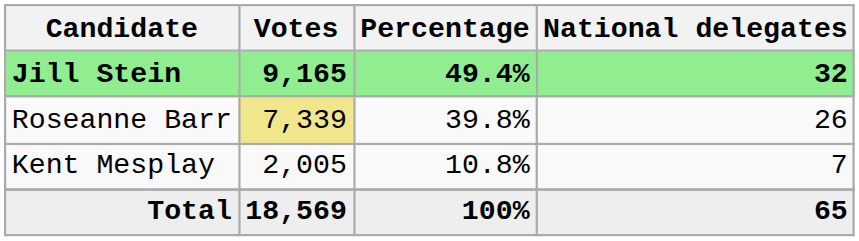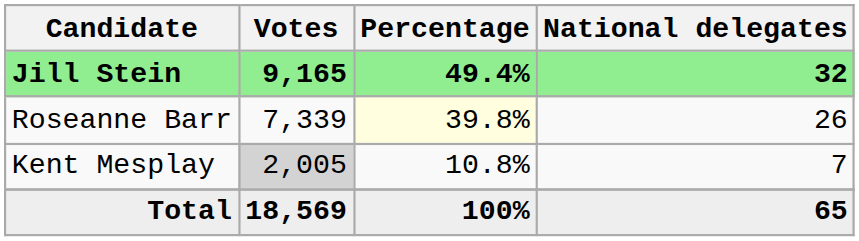 <table class="wikitable" style="text-align:right;">
 <tr>
 <th>Candidate</th>
 <th>Votes</th>
 <th>Percentage</th>
 <th>National delegates</th>
 </tr>
 <tr style="background:lightgreen;">
 <td style="text-align:left;"><strong>Jill Stein</strong></td>
 <td><strong>9,165</strong></td>
 <td><strong>49.4%</strong></td>
 <td><strong>32</strong></td>
 </tr>
 <tr>
 <td style="text-align:left;">Roseanne Barr</td>
-<td style="background: khaki;">7,339</td>
-<td>39.8%</td>
+<td>7,339</td>
+<td style="background: lightyellow;">39.8%</td>
 <td>26</td>
 </tr>
 <tr>
 <td style="text-align:left;">Kent Mesplay</td>
-<td>2,005</td>
+<td style="background: lightgrey;">2,005</td>
 <td>10.8%</td>
 <td>7</td>
 </tr>
 <tr>
 </tr>
 <tr style="background:#eee;">
 <td style="margin-right:0.50px"><strong>Total</strong></td>
 <td style="margin-right:0.50px"><strong>18,569</strong></td>
 <td style="margin-right:0.50px"><strong>100%</strong></td>
 <td style="margin-right:0.50px"><strong>65</strong></td>
 </tr>
 </table>
